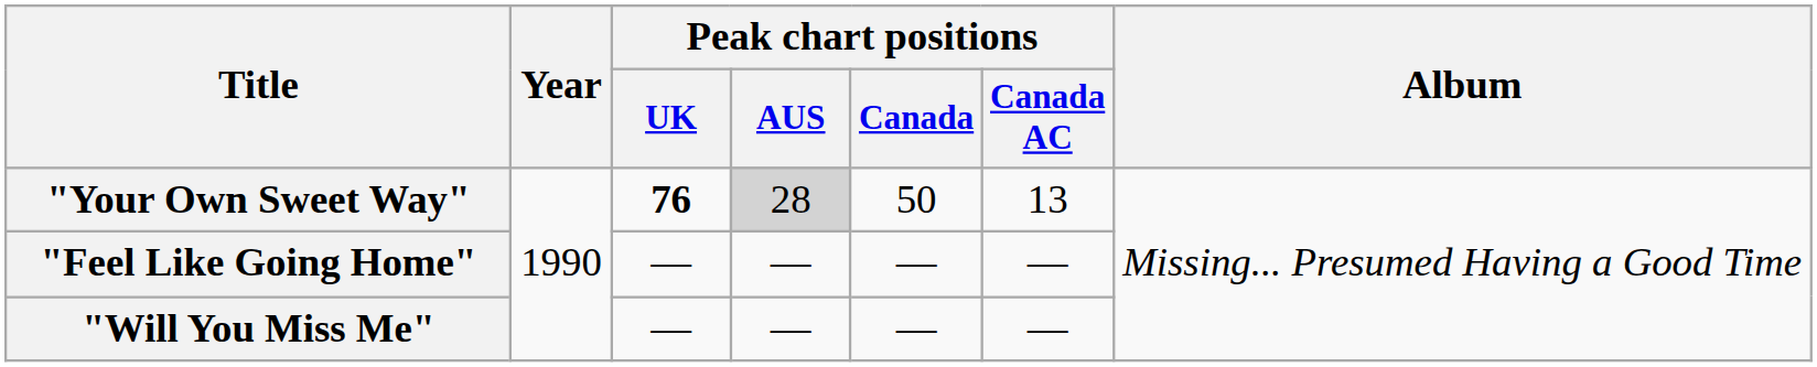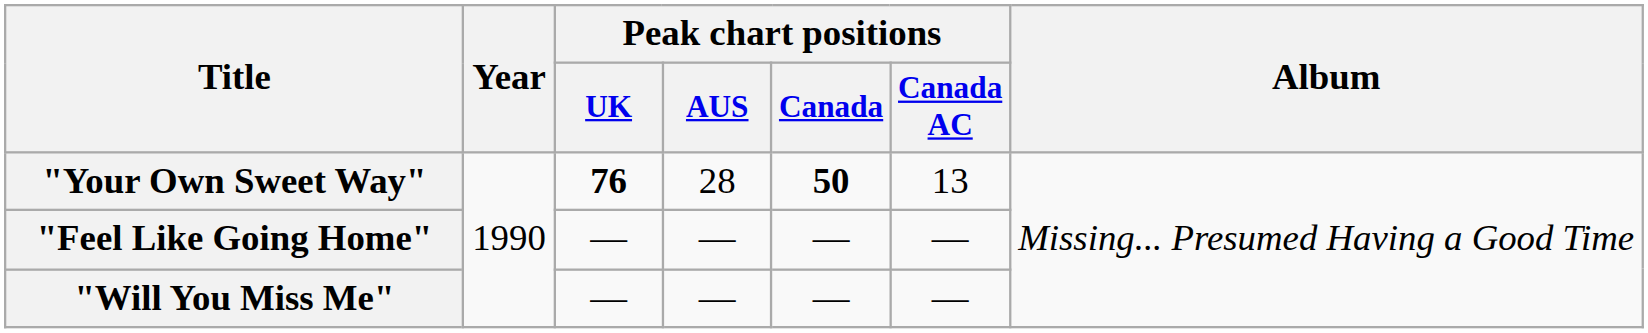 <table class="wikitable plainrowheaders" style="text-align:center;" border="1">
 <tr>
 <th scope="col" rowspan="2" style="width:12em;">Title</th>
 <th scope="col" rowspan="2">Year</th>
 <th scope="col" colspan="4">Peak chart positions</th>
 <th scope="col" rowspan="2">Album</th>
 </tr>
 <tr>
 <th scope="col" style="width:3em; font-size:85%"><a href='#'>UK</a><br></th>
 <th scope="col" style="width:3em; font-size:85%"><a href='#'>AUS</a><br></th>
 <th scope="col" style="width:3em; font-size:85%"><a href='#'>Canada</a><br></th>
 <th scope="col" style="width:3em; font-size:85%"><a href='#'>Canada AC</a><br></th>
 </tr>
 <tr>
 <th scope="row">"Your Own Sweet Way"</th>
 <td rowspan="3">1990</td>
 <td><strong>76</strong></td>
-<td style="background: lightgrey;">28</td>
-<td>50</td>
+<td>28</td>
+<td><strong>50</strong></td>
 <td>13</td>
 <td rowspan="3"><em>Missing... Presumed Having a Good Time</em></td>
 </tr>
 <tr>
 <th scope="row">"Feel Like Going Home"</th>
 <td>—</td>
 <td>—</td>
 <td>—</td>
 <td>—</td>
 </tr>
 <tr>
 <th scope="row">"Will You Miss Me"</th>
 <td>—</td>
 <td>—</td>
 <td>—</td>
 <td>—</td>
 </tr>
 </table>
